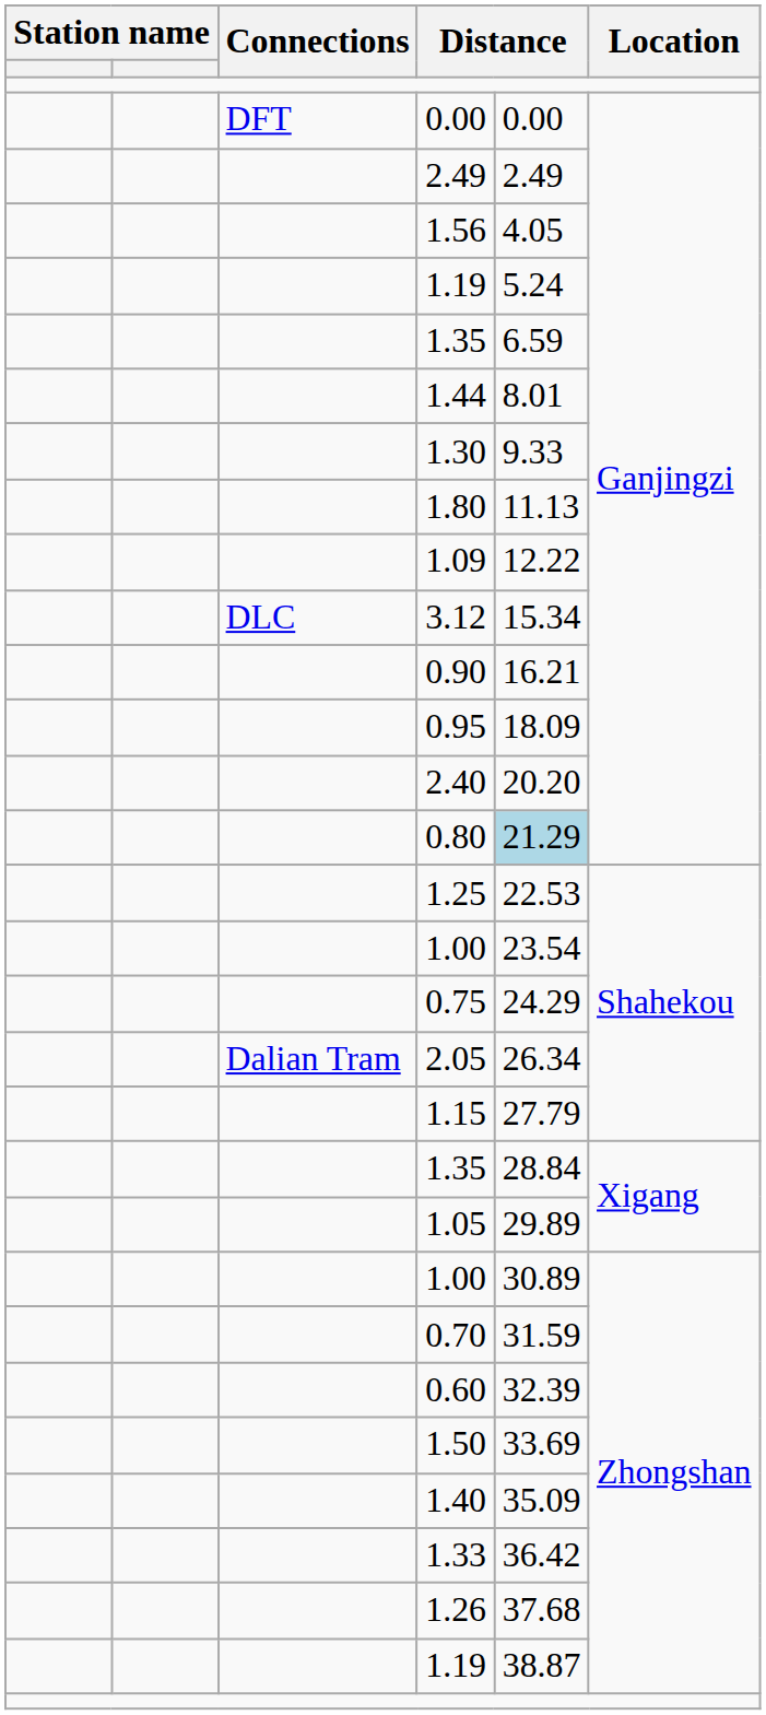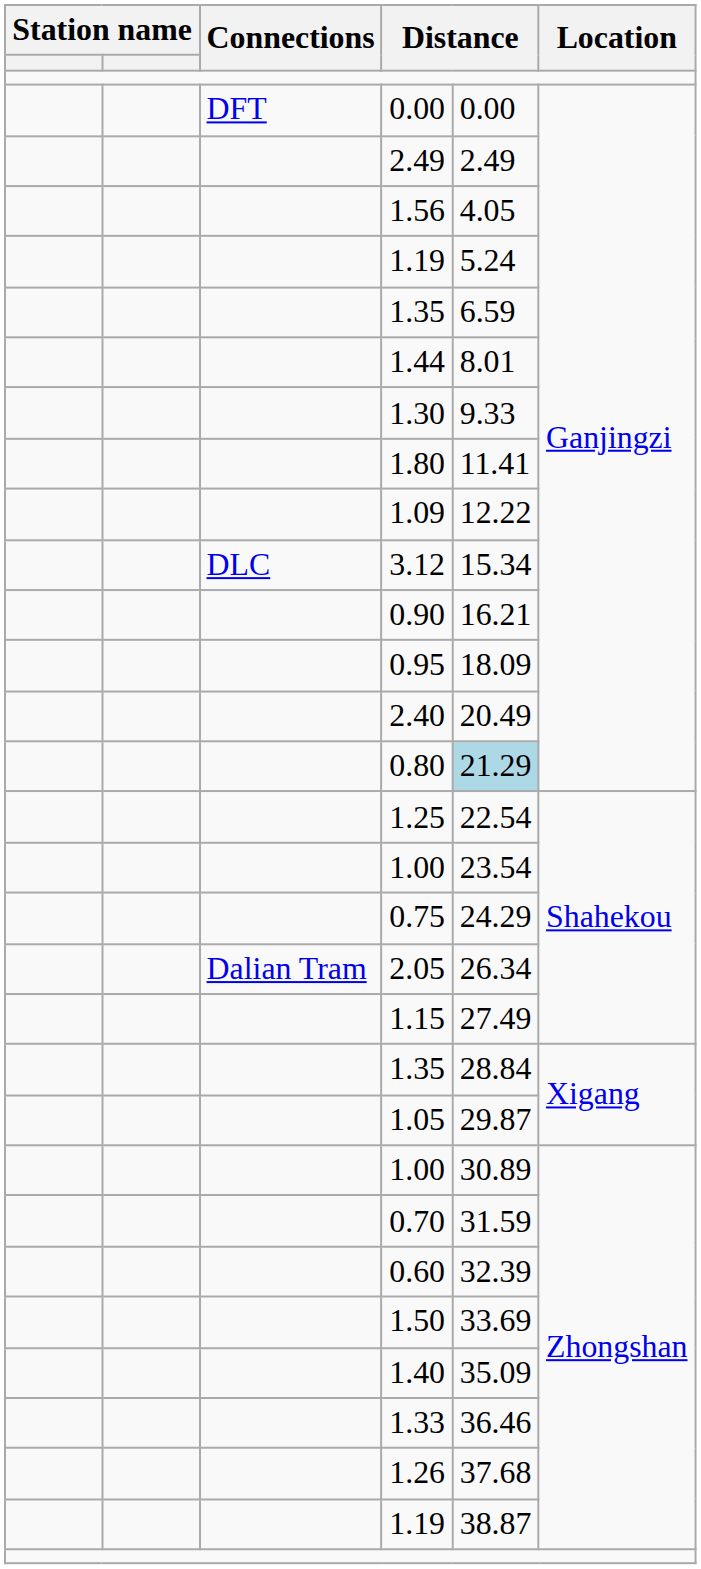 <table class="wikitable">
 <tr>
 <th colspan="2">Station name</th>
 <th rowspan="2">Connections</th>
 <th colspan="2" rowspan="2">Distance<br></th>
 <th rowspan="2">Location</th>
 </tr>
 <tr>
 <th></th>
 <th></th>
 </tr>
 <tr style="background:#">
 <td colspan = "6"></td>
 </tr>
 <tr>
 <td></td>
 <td></td>
 <td>  <a href='#'>DFT</a></td>
 <td>0.00</td>
 <td>0.00</td>
 <td rowspan="14"><a href='#'>Ganjingzi</a></td>
 </tr>
 <tr>
 <td></td>
 <td></td>
 <td></td>
 <td>2.49</td>
 <td>2.49</td>
 </tr>
 <tr>
 <td></td>
 <td></td>
 <td></td>
 <td>1.56</td>
 <td>4.05</td>
 </tr>
 <tr>
 <td></td>
 <td></td>
 <td></td>
 <td>1.19</td>
 <td>5.24</td>
 </tr>
 <tr>
 <td></td>
 <td></td>
 <td></td>
 <td>1.35</td>
 <td>6.59</td>
 </tr>
 <tr>
 <td></td>
 <td></td>
 <td></td>
 <td>1.44</td>
 <td>8.01</td>
 </tr>
 <tr>
 <td></td>
 <td></td>
 <td></td>
 <td>1.30</td>
 <td>9.33</td>
 </tr>
 <tr>
 <td></td>
 <td></td>
 <td></td>
 <td>1.80</td>
-<td>11.13</td>
+<td>11.41</td>
 </tr>
 <tr>
 <td></td>
 <td></td>
 <td></td>
 <td>1.09</td>
 <td>12.22</td>
 </tr>
 <tr>
 <td></td>
 <td></td>
 <td> <a href='#'>DLC</a></td>
 <td>3.12</td>
 <td>15.34</td>
 </tr>
 <tr>
 <td></td>
 <td></td>
 <td></td>
 <td>0.90</td>
 <td>16.21</td>
 </tr>
 <tr>
 <td></td>
 <td></td>
 <td></td>
 <td>0.95</td>
 <td>18.09</td>
 </tr>
 <tr>
 <td></td>
 <td></td>
 <td></td>
 <td>2.40</td>
-<td>20.20</td>
+<td>20.49</td>
 </tr>
 <tr>
 <td></td>
 <td></td>
 <td></td>
 <td>0.80</td>
 <td style="background: lightblue;">21.29</td>
 </tr>
 <tr>
 <td></td>
 <td></td>
 <td></td>
 <td>1.25</td>
-<td>22.53</td>
+<td>22.54</td>
 <td rowspan="5"><a href='#'>Shahekou</a></td>
 </tr>
 <tr>
 <td></td>
 <td></td>
 <td></td>
 <td>1.00</td>
 <td>23.54</td>
 </tr>
 <tr>
 <td></td>
 <td></td>
 <td></td>
 <td>0.75</td>
 <td>24.29</td>
 </tr>
 <tr>
 <td></td>
 <td></td>
 <td>  <a href='#'>Dalian Tram</a></td>
 <td>2.05</td>
 <td>26.34</td>
 </tr>
 <tr>
 <td></td>
 <td></td>
 <td></td>
 <td>1.15</td>
-<td>27.79</td>
+<td>27.49</td>
 </tr>
 <tr>
 <td></td>
 <td></td>
 <td></td>
 <td>1.35</td>
 <td>28.84</td>
 <td rowspan="2"><a href='#'>Xigang</a></td>
 </tr>
 <tr>
 <td></td>
 <td></td>
 <td></td>
 <td>1.05</td>
-<td>29.89</td>
+<td>29.87</td>
 </tr>
 <tr>
 <td></td>
 <td></td>
 <td></td>
 <td>1.00</td>
 <td>30.89</td>
 <td rowspan="8"><a href='#'>Zhongshan</a></td>
 </tr>
 <tr>
 <td></td>
 <td></td>
 <td></td>
 <td>0.70</td>
 <td>31.59</td>
 </tr>
 <tr>
 <td></td>
 <td></td>
 <td></td>
 <td>0.60</td>
 <td>32.39</td>
 </tr>
 <tr>
 <td></td>
 <td></td>
 <td></td>
 <td>1.50</td>
 <td>33.69</td>
 </tr>
 <tr>
 <td></td>
 <td></td>
 <td></td>
 <td>1.40</td>
 <td>35.09</td>
 </tr>
 <tr>
 <td></td>
 <td></td>
 <td></td>
 <td>1.33</td>
-<td>36.42</td>
+<td>36.46</td>
 </tr>
 <tr>
 <td></td>
 <td></td>
 <td></td>
 <td>1.26</td>
 <td>37.68</td>
 </tr>
 <tr>
 <td></td>
 <td></td>
 <td></td>
 <td>1.19</td>
 <td>38.87</td>
 </tr>
 <tr style="background:#">
 <td colspan = "6"></td>
 </tr>
 </table>
